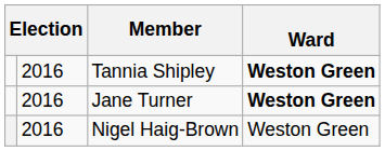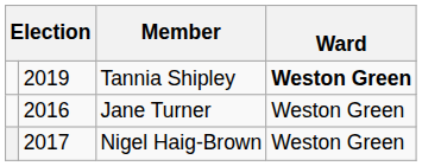 <table class="wikitable">
 <tr>
 <th colspan="2">Election</th>
 <th>Member</th>
 <th><br>Ward</th>
 </tr>
 <tr>
 <td style="background-color: "></td>
-<td>2016</td>
+<td>2019</td>
 <td>Tannia Shipley</td>
 <td><strong>Weston Green</strong></td>
 </tr>
 <tr>
 <td style="background-color: "></td>
 <td>2016</td>
 <td>Jane Turner</td>
-<td><strong>Weston Green</strong></td>
+<td>Weston Green</td>
 </tr>
 <tr>
 <th></th>
-<td>2016</td>
+<td>2017</td>
 <td>Nigel Haig-Brown</td>
 <td>Weston Green</td>
 </tr>
 </table>
